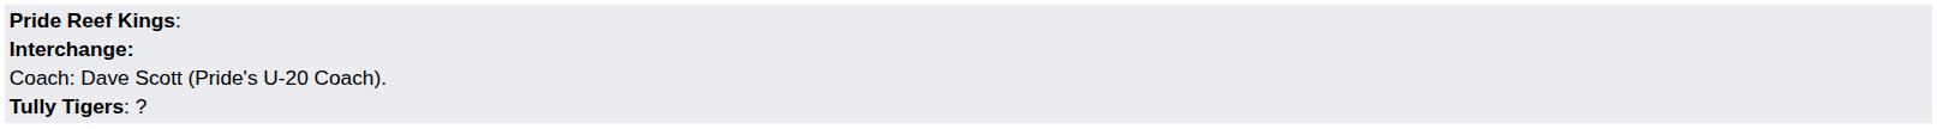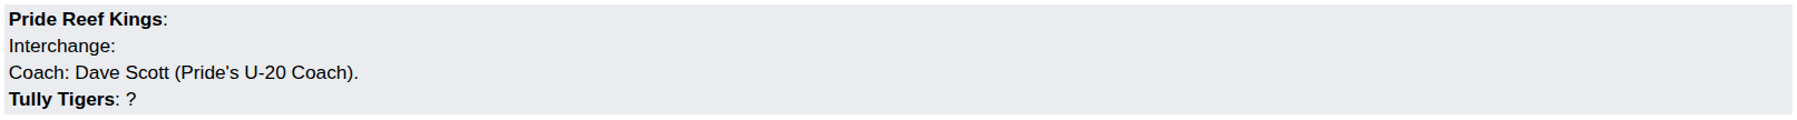 <table style="background:#eaecf0; font-size:85%; width:100%;">
 <tr>
 <td><strong> Pride Reef Kings</strong>:             </td>
 </tr>
 <tr>
-<td><strong>Interchange:    </strong></td>
+<td>Interchange:    </td>
 </tr>
 <tr>
 <td>Coach:  Dave Scott (Pride's U-20 Coach).</td>
 </tr>
 <tr>
 <td><strong>Tully Tigers</strong>: ?</td>
 </tr>
 </table>
